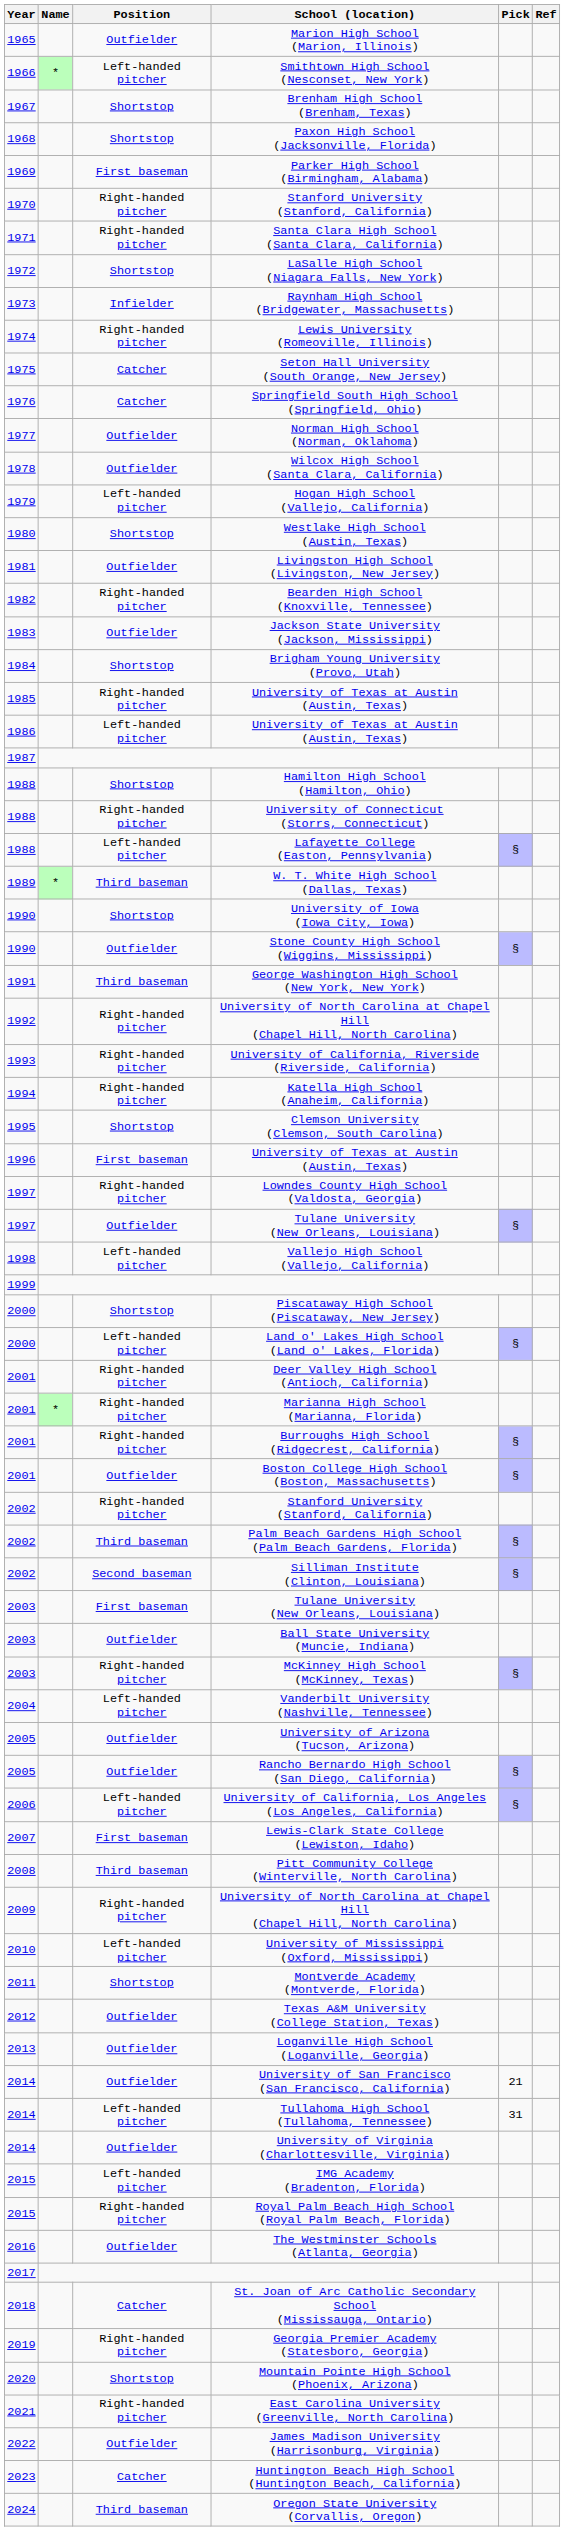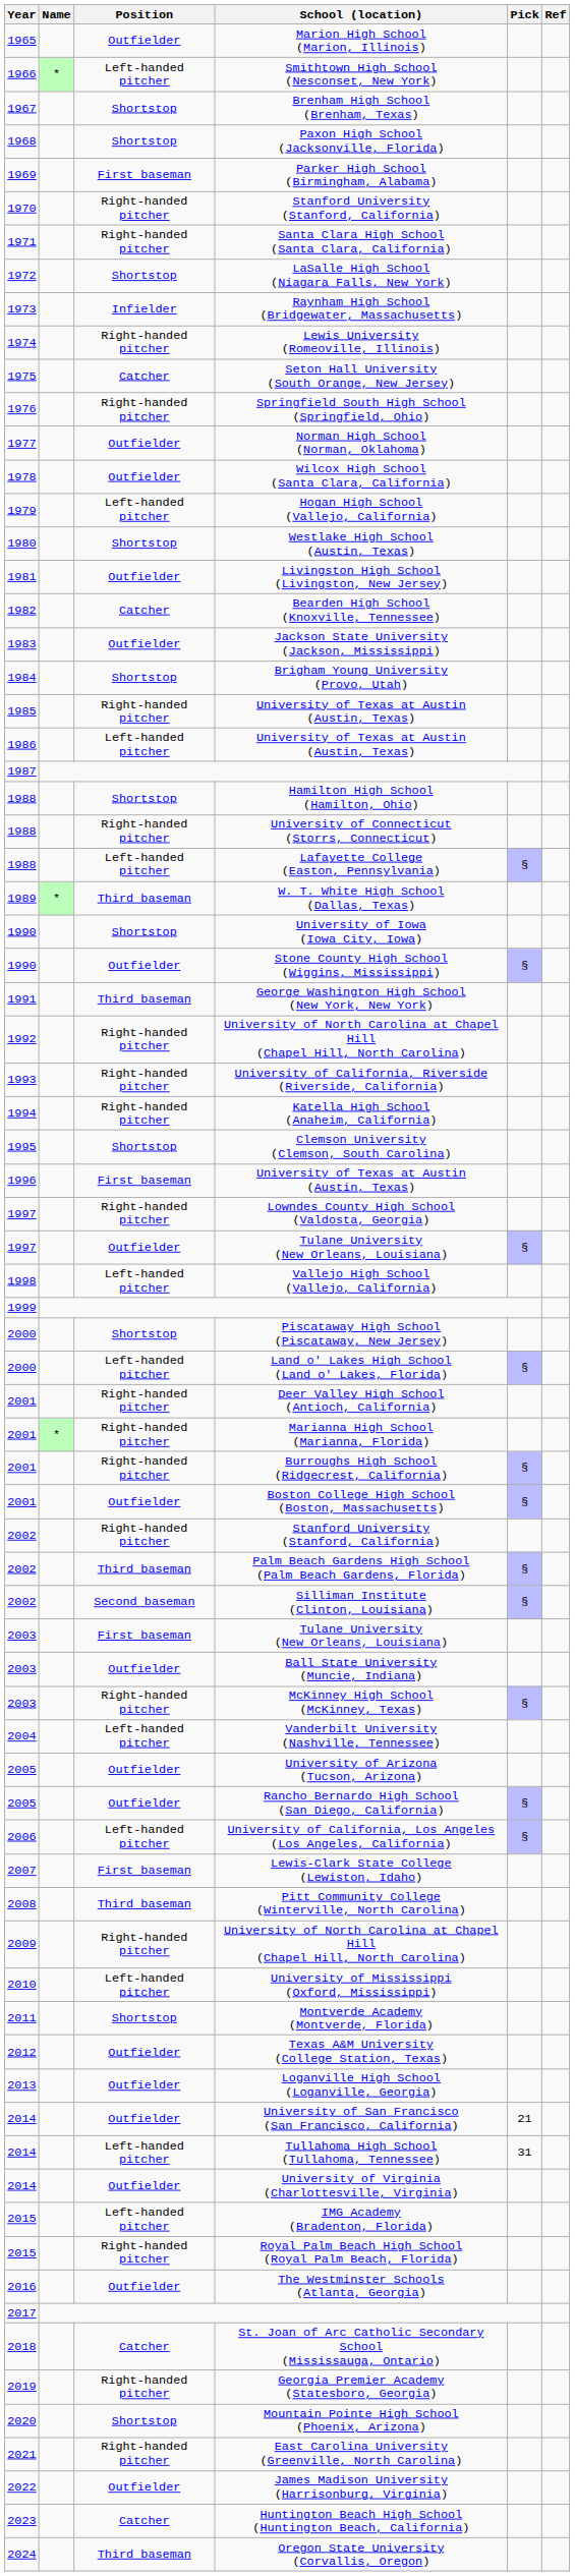 <table class="wikitable sortable" style="text-align:center;">
 <tr>
 <th>Year</th>
 <th>Name</th>
 <th>Position</th>
 <th class="unsortable">School (location)</th>
 <th>Pick</th>
 <th class="unsortable">Ref</th>
 </tr>
 <tr>
 <td><a href='#'>1965</a></td>
 <td></td>
 <td><a href='#'>Outfielder</a></td>
 <td><a href='#'>Marion High School</a><br>(<a href='#'>Marion, Illinois</a>)</td>
 <td></td>
 <td></td>
 </tr>
 <tr>
 <td><a href='#'>1966</a></td>
 <td style="background:#bfb;">*</td>
 <td>Left-handed <a href='#'>pitcher</a></td>
 <td><a href='#'>Smithtown High School</a><br>(<a href='#'>Nesconset, New York</a>)</td>
 <td></td>
 <td></td>
 </tr>
 <tr>
 <td><a href='#'>1967</a></td>
 <td></td>
 <td><a href='#'>Shortstop</a></td>
 <td><a href='#'>Brenham High School</a><br>(<a href='#'>Brenham, Texas</a>)</td>
 <td></td>
 <td></td>
 </tr>
 <tr>
 <td><a href='#'>1968</a></td>
 <td></td>
 <td><a href='#'>Shortstop</a></td>
 <td><a href='#'>Paxon High School</a><br>(<a href='#'>Jacksonville, Florida</a>)</td>
 <td></td>
 <td></td>
 </tr>
 <tr>
 <td><a href='#'>1969</a></td>
 <td></td>
 <td><a href='#'>First baseman</a></td>
 <td><a href='#'>Parker High School</a><br>(<a href='#'>Birmingham, Alabama</a>)</td>
 <td></td>
 <td></td>
 </tr>
 <tr>
 <td><a href='#'>1970</a></td>
 <td></td>
 <td>Right-handed <a href='#'>pitcher</a></td>
 <td><a href='#'>Stanford University</a><br>(<a href='#'>Stanford, California</a>)</td>
 <td></td>
 <td></td>
 </tr>
 <tr>
 <td><a href='#'>1971</a></td>
 <td></td>
 <td>Right-handed <a href='#'>pitcher</a></td>
 <td><a href='#'>Santa Clara High School</a><br>(<a href='#'>Santa Clara, California</a>)</td>
 <td></td>
 <td></td>
 </tr>
 <tr>
 <td><a href='#'>1972</a></td>
 <td></td>
 <td><a href='#'>Shortstop</a></td>
 <td><a href='#'>LaSalle High School</a><br>(<a href='#'>Niagara Falls, New York</a>)</td>
 <td></td>
 <td></td>
 </tr>
 <tr>
 <td><a href='#'>1973</a></td>
 <td></td>
 <td><a href='#'>Infielder</a></td>
 <td><a href='#'>Raynham High School</a><br>(<a href='#'>Bridgewater, Massachusetts</a>)</td>
 <td></td>
 <td></td>
 </tr>
 <tr>
 <td><a href='#'>1974</a></td>
 <td></td>
 <td>Right-handed <a href='#'>pitcher</a></td>
 <td><a href='#'>Lewis University</a><br>(<a href='#'>Romeoville, Illinois</a>)</td>
 <td></td>
 <td></td>
 </tr>
 <tr>
 <td><a href='#'>1975</a></td>
 <td></td>
 <td><a href='#'>Catcher</a></td>
 <td><a href='#'>Seton Hall University</a><br>(<a href='#'>South Orange, New Jersey</a>)</td>
 <td></td>
 <td></td>
 </tr>
 <tr>
 <td><a href='#'>1976</a></td>
 <td></td>
-<td><a href='#'>Catcher</a></td>
+<td>Right-handed <a href='#'>pitcher</a></td>
 <td><a href='#'>Springfield South High School</a><br>(<a href='#'>Springfield, Ohio</a>)</td>
 <td></td>
 <td></td>
 </tr>
 <tr>
 <td><a href='#'>1977</a></td>
 <td></td>
 <td><a href='#'>Outfielder</a></td>
 <td><a href='#'>Norman High School</a><br>(<a href='#'>Norman, Oklahoma</a>)</td>
 <td></td>
 <td></td>
 </tr>
 <tr>
 <td><a href='#'>1978</a></td>
 <td></td>
 <td><a href='#'>Outfielder</a></td>
 <td><a href='#'>Wilcox High School</a><br>(<a href='#'>Santa Clara, California</a>)</td>
 <td></td>
 <td></td>
 </tr>
 <tr>
 <td><a href='#'>1979</a></td>
 <td></td>
 <td>Left-handed <a href='#'>pitcher</a></td>
 <td><a href='#'>Hogan High School</a><br>(<a href='#'>Vallejo, California</a>)</td>
 <td></td>
 <td></td>
 </tr>
 <tr>
 <td><a href='#'>1980</a></td>
 <td></td>
 <td><a href='#'>Shortstop</a></td>
 <td><a href='#'>Westlake High School</a><br>(<a href='#'>Austin, Texas</a>)</td>
 <td></td>
 <td></td>
 </tr>
 <tr>
 <td><a href='#'>1981</a></td>
 <td></td>
 <td><a href='#'>Outfielder</a></td>
 <td><a href='#'>Livingston High School</a><br>(<a href='#'>Livingston, New Jersey</a>)</td>
 <td></td>
 <td></td>
 </tr>
 <tr>
 <td><a href='#'>1982</a></td>
 <td></td>
-<td>Right-handed <a href='#'>pitcher</a></td>
+<td><a href='#'>Catcher</a></td>
 <td><a href='#'>Bearden High School</a><br>(<a href='#'>Knoxville, Tennessee</a>)</td>
 <td></td>
 <td></td>
 </tr>
 <tr>
 <td><a href='#'>1983</a></td>
 <td></td>
 <td><a href='#'>Outfielder</a></td>
 <td><a href='#'>Jackson State University</a><br>(<a href='#'>Jackson, Mississippi</a>)</td>
 <td></td>
 <td></td>
 </tr>
 <tr>
 <td><a href='#'>1984</a></td>
 <td></td>
 <td><a href='#'>Shortstop</a></td>
 <td><a href='#'>Brigham Young University</a><br>(<a href='#'>Provo, Utah</a>)</td>
 <td></td>
 <td></td>
 </tr>
 <tr>
 <td><a href='#'>1985</a></td>
 <td></td>
 <td>Right-handed <a href='#'>pitcher</a></td>
 <td><a href='#'>University of Texas at Austin</a><br>(<a href='#'>Austin, Texas</a>)</td>
 <td></td>
 <td></td>
 </tr>
 <tr>
 <td><a href='#'>1986</a></td>
 <td></td>
 <td>Left-handed <a href='#'>pitcher</a></td>
 <td><a href='#'>University of Texas at Austin</a><br>(<a href='#'>Austin, Texas</a>)</td>
 <td></td>
 <td></td>
 </tr>
 <tr>
 <td><a href='#'>1987</a></td>
 <td colspan="4"></td>
 <td></td>
 </tr>
 <tr>
 <td><a href='#'>1988</a></td>
 <td></td>
 <td><a href='#'>Shortstop</a></td>
 <td><a href='#'>Hamilton High School</a><br>(<a href='#'>Hamilton, Ohio</a>)</td>
 <td></td>
 <td></td>
 </tr>
 <tr>
 <td><a href='#'>1988</a></td>
 <td></td>
 <td>Right-handed <a href='#'>pitcher</a></td>
 <td><a href='#'>University of Connecticut</a><br>(<a href='#'>Storrs, Connecticut</a>)</td>
 <td></td>
 <td></td>
 </tr>
 <tr>
 <td><a href='#'>1988</a></td>
 <td></td>
 <td>Left-handed <a href='#'>pitcher</a></td>
 <td><a href='#'>Lafayette College</a><br>(<a href='#'>Easton, Pennsylvania</a>)</td>
 <td style="background:#bbf;">§</td>
 <td></td>
 </tr>
 <tr>
 <td><a href='#'>1989</a></td>
 <td style="background:#bfb;">*</td>
 <td><a href='#'>Third baseman</a></td>
 <td><a href='#'>W. T. White High School</a><br>(<a href='#'>Dallas, Texas</a>)</td>
 <td></td>
 <td></td>
 </tr>
 <tr>
 <td><a href='#'>1990</a></td>
 <td></td>
 <td><a href='#'>Shortstop</a></td>
 <td><a href='#'>University of Iowa</a><br>(<a href='#'>Iowa City, Iowa</a>)</td>
 <td></td>
 <td></td>
 </tr>
 <tr>
 <td><a href='#'>1990</a></td>
 <td></td>
 <td><a href='#'>Outfielder</a></td>
 <td><a href='#'>Stone County High School</a><br>(<a href='#'>Wiggins, Mississippi</a>)</td>
 <td style="background:#bbf;">§</td>
 <td></td>
 </tr>
 <tr>
 <td><a href='#'>1991</a></td>
 <td></td>
 <td><a href='#'>Third baseman</a></td>
 <td><a href='#'>George Washington High School</a><br>(<a href='#'>New York, New York</a>)</td>
 <td></td>
 <td></td>
 </tr>
 <tr>
 <td><a href='#'>1992</a></td>
 <td></td>
 <td>Right-handed <a href='#'>pitcher</a></td>
 <td><a href='#'>University of North Carolina at Chapel Hill</a><br>(<a href='#'>Chapel Hill, North Carolina</a>)</td>
 <td></td>
 <td></td>
 </tr>
 <tr>
 <td><a href='#'>1993</a></td>
 <td></td>
 <td>Right-handed <a href='#'>pitcher</a></td>
 <td><a href='#'>University of California, Riverside</a><br>(<a href='#'>Riverside, California</a>)</td>
 <td></td>
 <td></td>
 </tr>
 <tr>
 <td><a href='#'>1994</a></td>
 <td></td>
 <td>Right-handed <a href='#'>pitcher</a></td>
 <td><a href='#'>Katella High School</a><br>(<a href='#'>Anaheim, California</a>)</td>
 <td></td>
 <td></td>
 </tr>
 <tr>
 <td><a href='#'>1995</a></td>
 <td></td>
 <td><a href='#'>Shortstop</a></td>
 <td><a href='#'>Clemson University</a><br>(<a href='#'>Clemson, South Carolina</a>)</td>
 <td></td>
 <td></td>
 </tr>
 <tr>
 <td><a href='#'>1996</a></td>
 <td></td>
 <td><a href='#'>First baseman</a></td>
 <td><a href='#'>University of Texas at Austin</a><br>(<a href='#'>Austin, Texas</a>)</td>
 <td></td>
 <td></td>
 </tr>
 <tr>
 <td><a href='#'>1997</a></td>
 <td></td>
 <td>Right-handed <a href='#'>pitcher</a></td>
 <td><a href='#'>Lowndes County High School</a><br>(<a href='#'>Valdosta, Georgia</a>)</td>
 <td></td>
 <td></td>
 </tr>
 <tr>
 <td><a href='#'>1997</a></td>
 <td></td>
 <td><a href='#'>Outfielder</a></td>
 <td><a href='#'>Tulane University</a><br>(<a href='#'>New Orleans, Louisiana</a>)</td>
 <td style="background:#bbf;">§</td>
 <td></td>
 </tr>
 <tr>
 <td><a href='#'>1998</a></td>
 <td></td>
 <td>Left-handed <a href='#'>pitcher</a></td>
 <td><a href='#'>Vallejo High School</a><br>(<a href='#'>Vallejo, California</a>)</td>
 <td></td>
 <td></td>
 </tr>
 <tr>
 <td><a href='#'>1999</a></td>
 <td colspan="4"></td>
 <td></td>
 </tr>
 <tr>
 <td><a href='#'>2000</a></td>
 <td></td>
 <td><a href='#'>Shortstop</a></td>
 <td><a href='#'>Piscataway High School</a><br>(<a href='#'>Piscataway, New Jersey</a>)</td>
 <td></td>
 <td></td>
 </tr>
 <tr>
 <td><a href='#'>2000</a></td>
 <td></td>
 <td>Left-handed <a href='#'>pitcher</a></td>
 <td><a href='#'>Land o' Lakes High School</a><br>(<a href='#'>Land o' Lakes, Florida</a>)</td>
 <td style="background:#bbf;">§</td>
 <td></td>
 </tr>
 <tr>
 <td><a href='#'>2001</a></td>
 <td></td>
 <td>Right-handed <a href='#'>pitcher</a></td>
 <td><a href='#'>Deer Valley High School</a><br>(<a href='#'>Antioch, California</a>)</td>
 <td></td>
 <td></td>
 </tr>
 <tr>
 <td><a href='#'>2001</a></td>
 <td style="background:#bfb;">*</td>
 <td>Right-handed <a href='#'>pitcher</a></td>
 <td><a href='#'>Marianna High School</a><br>(<a href='#'>Marianna, Florida</a>)</td>
 <td></td>
 <td></td>
 </tr>
 <tr>
 <td><a href='#'>2001</a></td>
 <td></td>
 <td>Right-handed <a href='#'>pitcher</a></td>
 <td><a href='#'>Burroughs High School</a><br>(<a href='#'>Ridgecrest, California</a>)</td>
 <td style="background:#bbf;">§</td>
 <td></td>
 </tr>
 <tr>
 <td><a href='#'>2001</a></td>
 <td></td>
 <td><a href='#'>Outfielder</a></td>
 <td><a href='#'>Boston College High School</a><br>(<a href='#'>Boston, Massachusetts</a>)</td>
 <td style="background:#bbf;">§</td>
 <td></td>
 </tr>
 <tr>
 <td><a href='#'>2002</a></td>
 <td></td>
 <td>Right-handed <a href='#'>pitcher</a></td>
 <td><a href='#'>Stanford University</a><br>(<a href='#'>Stanford, California</a>)</td>
 <td></td>
 <td></td>
 </tr>
 <tr>
 <td><a href='#'>2002</a></td>
 <td></td>
 <td><a href='#'>Third baseman</a></td>
 <td><a href='#'>Palm Beach Gardens High School</a><br>(<a href='#'>Palm Beach Gardens, Florida</a>)</td>
 <td style="background:#bbf;">§</td>
 <td></td>
 </tr>
 <tr>
 <td><a href='#'>2002</a></td>
 <td></td>
 <td><a href='#'>Second baseman</a></td>
 <td><a href='#'>Silliman Institute</a><br>(<a href='#'>Clinton, Louisiana</a>)</td>
 <td style="background:#bbf;">§</td>
 <td></td>
 </tr>
 <tr>
 <td><a href='#'>2003</a></td>
 <td></td>
 <td><a href='#'>First baseman</a></td>
 <td><a href='#'>Tulane University</a><br>(<a href='#'>New Orleans, Louisiana</a>)</td>
 <td></td>
 <td></td>
 </tr>
 <tr>
 <td><a href='#'>2003</a></td>
 <td></td>
 <td><a href='#'>Outfielder</a></td>
 <td><a href='#'>Ball State University</a><br>(<a href='#'>Muncie, Indiana</a>)</td>
 <td></td>
 <td></td>
 </tr>
 <tr>
 <td><a href='#'>2003</a></td>
 <td></td>
 <td>Right-handed <a href='#'>pitcher</a></td>
 <td><a href='#'>McKinney High School</a><br>(<a href='#'>McKinney, Texas</a>)</td>
 <td style="background:#bbf;">§</td>
 <td></td>
 </tr>
 <tr>
 <td><a href='#'>2004</a></td>
 <td></td>
 <td>Left-handed <a href='#'>pitcher</a></td>
 <td><a href='#'>Vanderbilt University</a><br>(<a href='#'>Nashville, Tennessee</a>)</td>
 <td></td>
 <td></td>
 </tr>
 <tr>
 <td><a href='#'>2005</a></td>
 <td></td>
 <td><a href='#'>Outfielder</a></td>
 <td><a href='#'>University of Arizona</a><br>(<a href='#'>Tucson, Arizona</a>)</td>
 <td></td>
 <td></td>
 </tr>
 <tr>
 <td><a href='#'>2005</a></td>
 <td></td>
 <td><a href='#'>Outfielder</a></td>
 <td><a href='#'>Rancho Bernardo High School</a><br>(<a href='#'>San Diego, California</a>)</td>
 <td style="background:#bbf;">§</td>
 <td></td>
 </tr>
 <tr>
 <td><a href='#'>2006</a></td>
 <td></td>
 <td>Left-handed <a href='#'>pitcher</a></td>
 <td><a href='#'>University of California, Los Angeles</a><br>(<a href='#'>Los Angeles, California</a>)</td>
 <td style="background:#bbf;">§</td>
 <td></td>
 </tr>
 <tr>
 <td><a href='#'>2007</a></td>
 <td></td>
 <td><a href='#'>First baseman</a></td>
 <td><a href='#'>Lewis-Clark State College</a><br>(<a href='#'>Lewiston, Idaho</a>)</td>
 <td></td>
 <td></td>
 </tr>
 <tr>
 <td><a href='#'>2008</a></td>
 <td></td>
 <td><a href='#'>Third baseman</a></td>
 <td><a href='#'>Pitt Community College</a><br>(<a href='#'>Winterville, North Carolina</a>)</td>
 <td></td>
 <td></td>
 </tr>
 <tr>
 <td><a href='#'>2009</a></td>
 <td></td>
 <td>Right-handed <a href='#'>pitcher</a></td>
 <td><a href='#'>University of North Carolina at Chapel Hill</a><br>(<a href='#'>Chapel Hill, North Carolina</a>)</td>
 <td></td>
 <td></td>
 </tr>
 <tr>
 <td><a href='#'>2010</a></td>
 <td></td>
 <td>Left-handed <a href='#'>pitcher</a></td>
 <td><a href='#'>University of Mississippi</a><br>(<a href='#'>Oxford, Mississippi</a>)</td>
 <td></td>
 <td></td>
 </tr>
 <tr>
 <td><a href='#'>2011</a></td>
 <td></td>
 <td><a href='#'>Shortstop</a></td>
 <td><a href='#'>Montverde Academy</a><br>(<a href='#'>Montverde, Florida</a>)</td>
 <td></td>
 <td></td>
 </tr>
 <tr>
 <td><a href='#'>2012</a></td>
 <td></td>
 <td><a href='#'>Outfielder</a></td>
 <td><a href='#'>Texas A&M University</a><br>(<a href='#'>College Station, Texas</a>)</td>
 <td></td>
 <td></td>
 </tr>
 <tr>
 <td><a href='#'>2013</a></td>
 <td></td>
 <td><a href='#'>Outfielder</a></td>
 <td><a href='#'>Loganville High School</a><br>(<a href='#'>Loganville, Georgia</a>)</td>
 <td></td>
 <td></td>
 </tr>
 <tr>
 <td><a href='#'>2014</a></td>
 <td></td>
 <td><a href='#'>Outfielder</a></td>
 <td><a href='#'>University of San Francisco</a><br>(<a href='#'>San Francisco, California</a>)</td>
 <td>21</td>
 <td></td>
 </tr>
 <tr>
 <td><a href='#'>2014</a></td>
 <td></td>
 <td>Left-handed <a href='#'>pitcher</a></td>
 <td><a href='#'>Tullahoma High School</a><br>(<a href='#'>Tullahoma, Tennessee</a>)</td>
 <td>31</td>
 <td></td>
 </tr>
 <tr>
 <td><a href='#'>2014</a></td>
 <td></td>
 <td><a href='#'>Outfielder</a></td>
 <td><a href='#'>University of Virginia</a><br>(<a href='#'>Charlottesville, Virginia</a>)</td>
 <td></td>
 <td></td>
 </tr>
 <tr>
 <td><a href='#'>2015</a></td>
 <td></td>
 <td>Left-handed <a href='#'>pitcher</a></td>
 <td><a href='#'>IMG Academy</a><br>(<a href='#'>Bradenton, Florida</a>)</td>
 <td></td>
 <td></td>
 </tr>
 <tr>
 <td><a href='#'>2015</a></td>
 <td></td>
 <td>Right-handed <a href='#'>pitcher</a></td>
 <td><a href='#'>Royal Palm Beach High School</a><br>(<a href='#'>Royal Palm Beach, Florida</a>)</td>
 <td></td>
 <td></td>
 </tr>
 <tr>
 <td><a href='#'>2016</a></td>
 <td></td>
 <td><a href='#'>Outfielder</a></td>
 <td><a href='#'>The Westminster Schools</a><br>(<a href='#'>Atlanta, Georgia</a>)</td>
 <td></td>
 <td></td>
 </tr>
 <tr>
 <td><a href='#'>2017</a></td>
 <td colspan="4"></td>
 <td></td>
 </tr>
 <tr>
 <td><a href='#'>2018</a></td>
 <td></td>
 <td><a href='#'>Catcher</a></td>
 <td><a href='#'>St. Joan of Arc Catholic Secondary School</a><br>(<a href='#'>Mississauga, Ontario</a>)</td>
 <td></td>
 <td></td>
 </tr>
 <tr>
 <td><a href='#'>2019</a></td>
 <td></td>
 <td>Right-handed <a href='#'>pitcher</a></td>
 <td><a href='#'>Georgia Premier Academy</a><br>(<a href='#'>Statesboro, Georgia</a>)</td>
 <td></td>
 <td></td>
 </tr>
 <tr>
 <td><a href='#'>2020</a></td>
 <td></td>
 <td><a href='#'>Shortstop</a></td>
 <td><a href='#'>Mountain Pointe High School</a><br>(<a href='#'>Phoenix, Arizona</a>)</td>
 <td></td>
 <td></td>
 </tr>
 <tr>
 <td><a href='#'>2021</a></td>
 <td></td>
 <td>Right-handed <a href='#'>pitcher</a></td>
 <td><a href='#'>East Carolina University</a><br>(<a href='#'>Greenville, North Carolina</a>)</td>
 <td></td>
 <td></td>
 </tr>
 <tr>
 <td><a href='#'>2022</a></td>
 <td></td>
 <td><a href='#'>Outfielder</a></td>
 <td><a href='#'>James Madison University</a><br>(<a href='#'>Harrisonburg, Virginia</a>)</td>
 <td></td>
 <td></td>
 </tr>
 <tr>
 <td><a href='#'>2023</a></td>
 <td></td>
 <td><a href='#'>Catcher</a></td>
 <td><a href='#'>Huntington Beach High School</a><br>(<a href='#'>Huntington Beach, California</a>)</td>
 <td></td>
 <td></td>
 </tr>
 <tr>
 <td><a href='#'>2024</a></td>
 <td></td>
 <td><a href='#'>Third baseman</a></td>
 <td><a href='#'>Oregon State University</a><br>(<a href='#'>Corvallis, Oregon</a>)</td>
 <td></td>
 </tr>
 </table>
